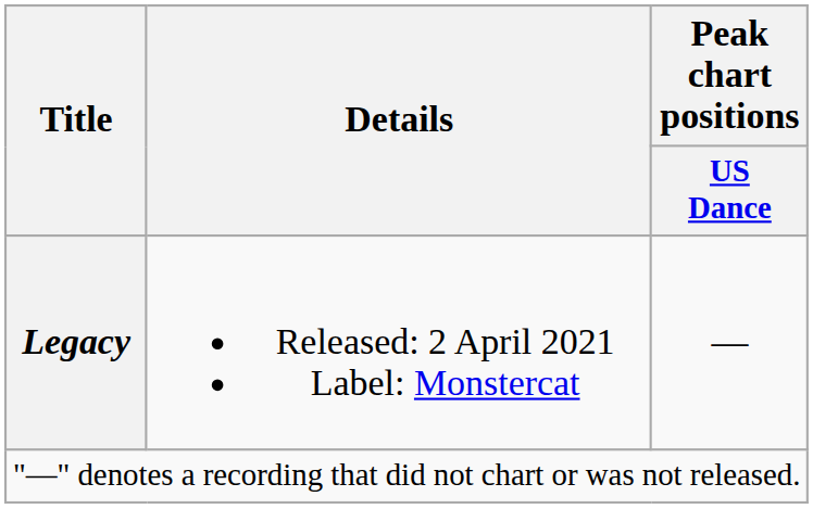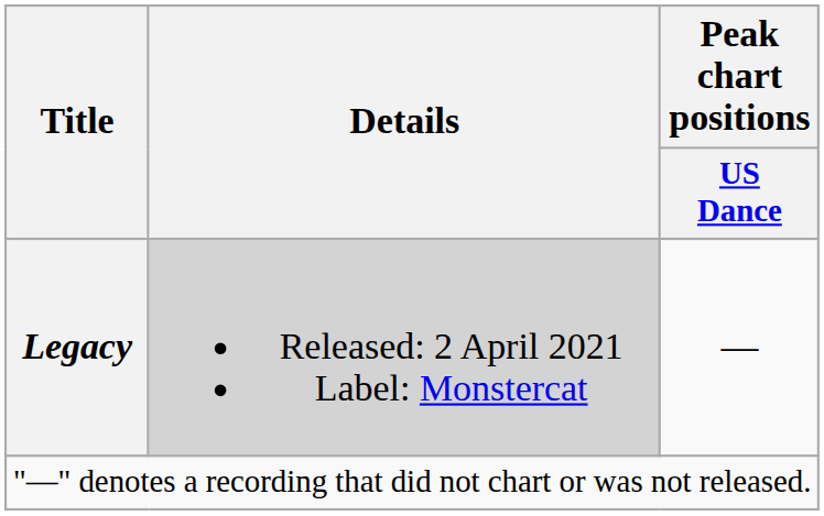 <table class="wikitable plainrowheaders" style="text-align:center;">
 <tr>
 <th rowspan="2" scope="col">Title</th>
 <th rowspan="2" scope="col">Details</th>
 <th colspan="1" scope="col">Peak chart positions</th>
 </tr>
 <tr>
 <th scope="col" style="width:3em;font-size:85%;"><a href='#'>US</a><br><a href='#'>Dance</a><br></th>
 </tr>
 <tr>
 <th scope="row"><em>Legacy</em></th>
-<td><br><ul><li>Released: 2 April 2021</li><li>Label: <a href='#'>Monstercat</a></li></ul></td>
+<td style="background: lightgrey;"><br><ul><li>Released: 2 April 2021</li><li>Label: <a href='#'>Monstercat</a></li></ul></td>
 <td>—</td>
 </tr>
 <tr>
 <td colspan="3" style="font-size:85%">"—" denotes a recording that did not chart or was not released.</td>
 </tr>
 </table>
